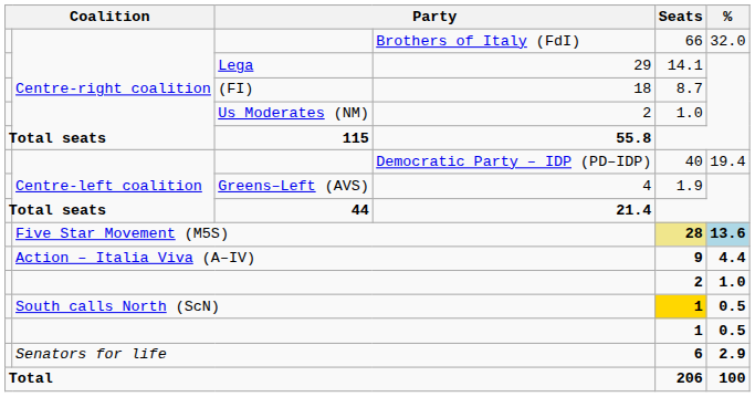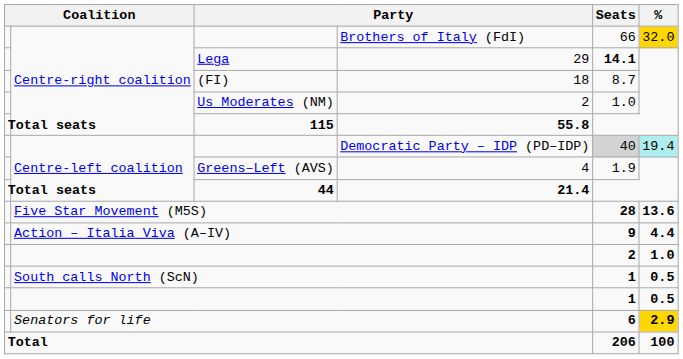 <table class="wikitable" style="text-align:right">
 <tr>
 <th colspan="2" rowspan="1">Coalition</th>
 <th colspan="2" rowspan="1">Party</th>
 <th style="text-align:center;">Seats</th>
 <th style="text-align:center;">%</th>
 </tr>
 <tr>
 <td></td>
 <td rowspan="5" style="text-align:left;"><a href='#'>Centre-right coalition</a></td>
 <td></td>
 <td align="left"><a href='#'>Brothers of Italy</a> (FdI)</td>
 <td>66</td>
-<td>32.0</td>
+<td style="background: gold;">32.0</td>
 </tr>
 <tr>
 <td></td>
 <td align="left"><a href='#'>Lega</a></td>
 <td>29</td>
-<td>14.1</td>
+<td><strong>14.1</strong></td>
 </tr>
 <tr>
 <td></td>
 <td align="left"> (FI)</td>
 <td>18</td>
 <td>8.7</td>
 </tr>
 <tr>
 <td></td>
 <td align="left"><a href='#'>Us Moderates</a> (NM)</td>
 <td>2</td>
 <td>1.0</td>
 </tr>
 <tr>
 <td colspan="2" style="text-align:left;"><strong>Total seats</strong></td>
 <td><strong>115</strong></td>
 <td><strong>55.8</strong></td>
 </tr>
 <tr>
 <td></td>
 <td rowspan="3" style="text-align:left;"><a href='#'>Centre-left coalition</a></td>
 <td></td>
 <td style="text-align:left;"><a href='#'>Democratic Party – IDP</a> (PD–IDP)</td>
-<td>40</td>
-<td>19.4</td>
+<td style="background: lightgrey;">40</td>
+<td style="background: paleturquoise;">19.4</td>
 </tr>
 <tr>
 <td></td>
 <td style="text-align:left;"><a href='#'>Greens–Left</a> (AVS)</td>
 <td>4</td>
 <td>1.9</td>
 </tr>
 <tr>
 <td colspan="2" style="text-align:left;"><strong>Total seats</strong></td>
 <td><strong>44</strong></td>
 <td><strong>21.4</strong></td>
 </tr>
 <tr>
 <td></td>
 <td colspan="3" style="text-align:left;"><a href='#'>Five Star Movement</a> (M5S)</td>
-<td style="background: khaki;"><strong>28</strong></td>
-<td style="background: lightblue;"><strong>13.6</strong></td>
+<td><strong>28</strong></td>
+<td><strong>13.6</strong></td>
 </tr>
 <tr>
 <td></td>
 <td colspan="3" style="text-align:left;"><a href='#'>Action – Italia Viva</a> (A–IV)</td>
 <td><strong>9</strong></td>
 <td><strong>4.4</strong></td>
 </tr>
 <tr>
 <td></td>
 <td colspan="3" style="text-align:left;"></td>
 <td><strong>2</strong></td>
 <td><strong>1.0</strong></td>
 </tr>
 <tr>
 <td></td>
 <td colspan="3" style="text-align:left;"><a href='#'>South calls North</a> (ScN)</td>
-<td style="background: gold;"><strong>1</strong></td>
+<td><strong>1</strong></td>
 <td><strong>0.5</strong></td>
 </tr>
 <tr>
 <td></td>
 <td colspan="3" style="text-align:left;"></td>
 <td><strong>1</strong></td>
 <td><strong>0.5</strong></td>
 </tr>
 <tr>
 <td></td>
 <td colspan="3" style="text-align:left;"><em>Senators for life</em></td>
 <td><strong>6</strong></td>
-<td><strong>2.9</strong></td>
+<td style="background: gold;"><strong>2.9</strong></td>
 </tr>
 <tr>
 <td colspan="4" style="text-align:left;"><strong>Total</strong></td>
 <td><strong>206</strong></td>
 <td><strong>100</strong></td>
 </tr>
 </table>
